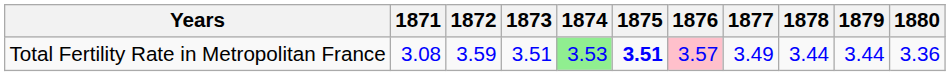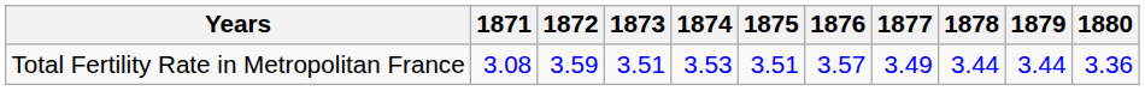 <table class="wikitable " style="text-align:right">
 <tr>
 <th>Years</th>
 <th>1871</th>
 <th>1872</th>
 <th>1873</th>
 <th>1874</th>
 <th>1875</th>
 <th>1876</th>
 <th>1877</th>
 <th>1878</th>
 <th>1879</th>
 <th>1880</th>
 </tr>
 <tr>
 <td style="text-align:left;">Total Fertility Rate in Metropolitan France</td>
 <td style="text-align:right; color:blue;">3.08</td>
 <td style="text-align:right; color:blue;">3.59</td>
 <td style="text-align:right; color:blue;">3.51</td>
-<td style="background: lightgreen; text-align:right; color:blue;">3.53</td>
-<td style="text-align:right; color:blue;"><strong>3.51</strong></td>
-<td style="background: pink; text-align:right; color:blue;">3.57</td>
+<td style="text-align:right; color:blue;">3.53</td>
+<td style="text-align:right; color:blue;">3.51</td>
+<td style="text-align:right; color:blue;">3.57</td>
 <td style="text-align:right; color:blue;">3.49</td>
 <td style="text-align:right; color:blue;">3.44</td>
 <td style="text-align:right; color:blue;">3.44</td>
 <td style="text-align:right; color:blue;">3.36</td>
 </tr>
 </table>
